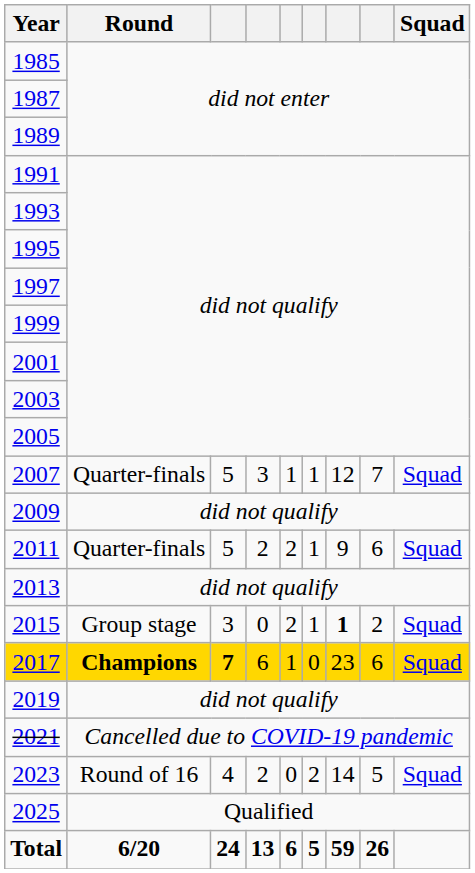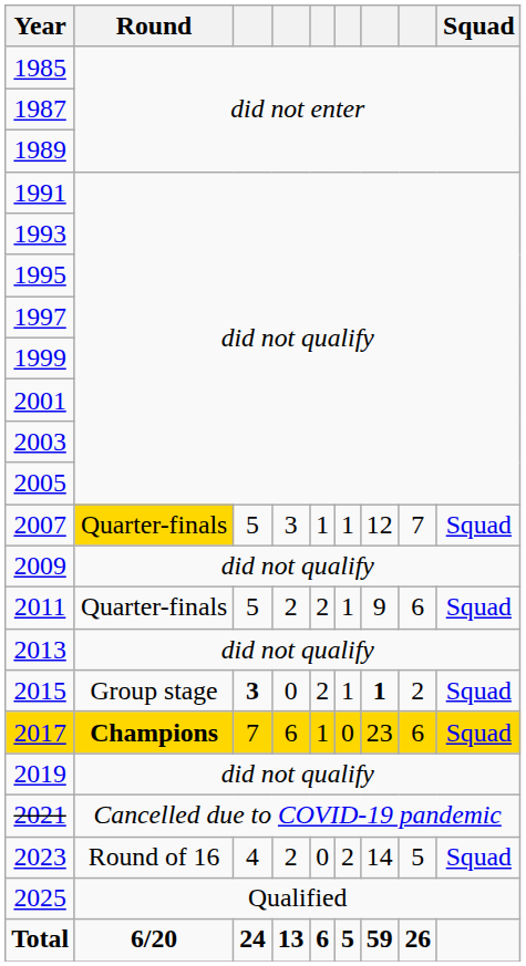 <table class="wikitable" style="text-align: center;">
 <tr>
 <th>Year</th>
 <th>Round</th>
 <th></th>
 <th></th>
 <th></th>
 <th></th>
 <th></th>
 <th></th>
 <th>Squad</th>
 </tr>
 <tr>
 <td> <a href='#'>1985</a></td>
 <td rowspan=3 colspan=8><em>did not enter</em></td>
 </tr>
 <tr>
 <td> <a href='#'>1987</a></td>
 </tr>
 <tr>
 <td> <a href='#'>1989</a></td>
 </tr>
 <tr>
 <td> <a href='#'>1991</a></td>
 <td rowspan=8 colspan=8><em>did not qualify</em></td>
 </tr>
 <tr>
 <td> <a href='#'>1993</a></td>
 </tr>
 <tr>
 <td> <a href='#'>1995</a></td>
 </tr>
 <tr>
 <td> <a href='#'>1997</a></td>
 </tr>
 <tr>
 <td> <a href='#'>1999</a></td>
 </tr>
 <tr>
 <td> <a href='#'>2001</a></td>
 </tr>
 <tr>
 <td> <a href='#'>2003</a></td>
 </tr>
 <tr>
 <td> <a href='#'>2005</a></td>
 </tr>
 <tr>
 <td> <a href='#'>2007</a></td>
-<td>Quarter-finals</td>
+<td style="background: gold;">Quarter-finals</td>
 <td>5</td>
 <td>3</td>
 <td>1</td>
 <td>1</td>
 <td>12</td>
 <td>7</td>
 <td><a href='#'>Squad</a></td>
 </tr>
 <tr>
 <td> <a href='#'>2009</a></td>
 <td colspan=8><em>did not qualify</em></td>
 </tr>
 <tr>
 <td> <a href='#'>2011</a></td>
 <td>Quarter-finals</td>
 <td>5</td>
 <td>2</td>
 <td>2</td>
 <td>1</td>
 <td>9</td>
 <td>6</td>
 <td><a href='#'>Squad</a></td>
 </tr>
 <tr>
 <td> <a href='#'>2013</a></td>
 <td rowspan=1 colspan=8><em>did not qualify</em></td>
 </tr>
 <tr>
 <td> <a href='#'>2015</a></td>
 <td>Group stage</td>
-<td>3</td>
+<td><strong>3</strong></td>
 <td>0</td>
 <td>2</td>
 <td>1</td>
 <td><strong>1</strong></td>
 <td>2</td>
 <td><a href='#'>Squad</a></td>
 </tr>
 <tr style="background:gold;">
 <td> <a href='#'>2017</a></td>
 <td><strong>Champions</strong></td>
-<td><strong>7</strong></td>
+<td>7</td>
 <td>6</td>
 <td>1</td>
 <td>0</td>
 <td>23</td>
 <td>6</td>
 <td><a href='#'>Squad</a></td>
 </tr>
 <tr>
 <td> <a href='#'>2019</a></td>
 <td colspan=8><em>did not qualify</em></td>
 </tr>
 <tr>
 <td> <s><a href='#'>2021</a></s></td>
 <td colspan=8><em>Cancelled due to <a href='#'>COVID-19 pandemic</a></em></td>
 </tr>
 <tr>
 <td> <a href='#'>2023</a></td>
 <td>Round of 16</td>
 <td>4</td>
 <td>2</td>
 <td>0</td>
 <td>2</td>
 <td>14</td>
 <td>5</td>
 <td><a href='#'>Squad</a></td>
 </tr>
 <tr>
 <td> <a href='#'>2025</a></td>
 <td colspan=8>Qualified</td>
 </tr>
 <tr>
 <td><strong>Total</strong></td>
 <td><strong>6/20</strong></td>
 <td><strong>24</strong></td>
 <td><strong>13</strong></td>
 <td><strong>6</strong></td>
 <td><strong>5</strong></td>
 <td><strong>59</strong></td>
 <td><strong>26</strong></td>
 <td></td>
 </tr>
 </table>
